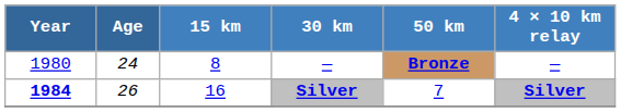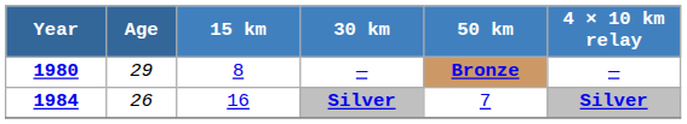 <table class="wikitable" style="font-size:95%; text-align:center; border:grey solid 1px; border-collapse:collapse; background:#ffffff;">
 <tr>
 <th style="background-color:#369; color:white; width:60px;"> Year </th>
 <th style="background-color:#369; color:white; width:40px;"> Age </th>
 <th style="background-color:#4180be; color:white; width:75px;"> 15 km </th>
 <th style="background-color:#4180be; color:white; width:75px;"> 30 km </th>
 <th style="background-color:#4180be; color:white; width:75px;"> 50 km </th>
 <th style="background-color:#4180be; color:white; width:75px;"> 4 × 10 km <br> relay </th>
 </tr>
 <tr>
-<td><a href='#'>1980</a></td>
-<td><em>24</em></td>
+<td><strong><a href='#'>1980</a></strong></td>
+<td><em>29</em></td>
 <td><a href='#'>8</a></td>
 <td><a href='#'>—</a></td>
 <td bgcolor="cc9966"><a href='#'><strong>Bronze</strong></a></td>
 <td><a href='#'>—</a></td>
 </tr>
 <tr>
 <td><strong><a href='#'>1984</a></strong></td>
 <td><em>26</em></td>
 <td><a href='#'>16</a></td>
 <td style="background:silver;"><a href='#'><strong>Silver</strong></a></td>
 <td><a href='#'>7</a></td>
 <td style="background:silver;"><a href='#'><strong>Silver</strong></a></td>
 </tr>
 <tr>
 </tr>
 </table>
